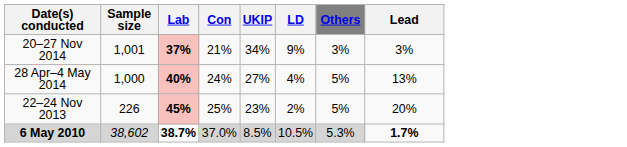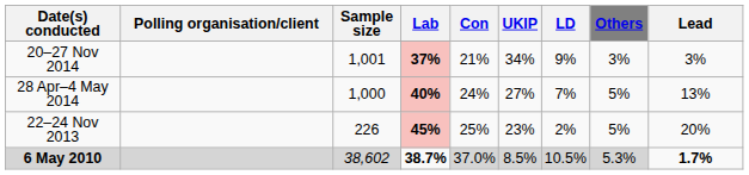 <table class="wikitable sortable" style="text-align:center;font-size:90%;line-height:14px">
 <tr>
 <th ! style="width:105px;">Date(s)<br>conducted</th>
+<th style="width:200px;">Polling organisation/client</th>
 <th class="unsortable" style="width:60px;">Sample size</th>
 <th class="unsortable" style="background:"><a href='#'><span>Lab</span></a></th>
 <th class="unsortable" style="background:"><a href='#'><span>Con</span></a></th>
 <th class="unsortable" style="background:"><a href='#'><span>UKIP</span></a></th>
 <th class="unsortable" style="background:"><a href='#'><span>LD</span></a></th>
 <th class="unsortable" style="background:gray; width:50px;"><a href='#'><span>Others</span></a></th>
 <th class="unsortable" style="width:85px;">Lead</th>
 </tr>
 <tr>
 <td>20–27 Nov 2014</td>
+<td></td>
 <td>1,001</td>
 <td style="background:#F8C1BE"><strong>37%</strong></td>
 <td>21%</td>
 <td>34%</td>
 <td>9%</td>
 <td>3%</td>
 <td style="background:">3%</td>
 </tr>
 <tr>
 <td>28 Apr–4 May 2014</td>
+<td></td>
 <td>1,000</td>
 <td style="background:#F8C1BE"><strong>40%</strong></td>
 <td>24%</td>
 <td>27%</td>
-<td>4%</td>
+<td>7%</td>
 <td>5%</td>
 <td style="background:">13%</td>
 </tr>
 <tr>
 <td>22–24 Nov 2013</td>
+<td></td>
 <td>226</td>
 <td style="background:#F8C1BE"><strong>45%</strong></td>
 <td>25%</td>
 <td>23%</td>
 <td>2%</td>
 <td>5%</td>
 <td style="background:">20%</td>
 </tr>
 <tr>
 <td style="background:#D5D5D5"><strong>6 May 2010</strong></td>
+<td style="background:#D5D5D5"></td>
 <td style="background:#D5D5D5"><em>38,602</em></td>
 <td style="background:"><strong>38.7%</strong></td>
 <td style="background:#D5D5D5">37.0%</td>
 <td style="background:#D5D5D5">8.5%</td>
 <td style="background:#D5D5D5">10.5%</td>
 <td style="background:#D5D5D5">5.3%</td>
 <td style="background:"><strong>1.7% </strong></td>
 </tr>
 </table>
